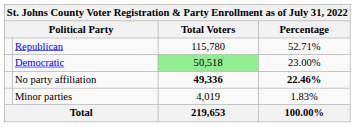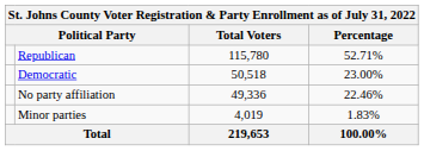 <table class=wikitable>
 <tr>
 <th colspan = 6>St. Johns County Voter Registration & Party Enrollment as of July 31, 2022</th>
 </tr>
 <tr>
 <th colspan = 2>Political Party</th>
 <th>Total Voters</th>
 <th>Percentage</th>
 </tr>
 <tr>
 <td></td>
 <td><a href='#'>Republican</a></td>
 <td align = center>115,780</td>
 <td align = center>52.71%</td>
 </tr>
 <tr>
 <td></td>
 <td><a href='#'>Democratic</a></td>
-<td align = center style="background: lightgreen;">50,518</td>
+<td align = center>50,518</td>
 <td align = center>23.00%</td>
 </tr>
 <tr>
 <td></td>
 <td>No party affiliation</td>
-<td align = center><strong>49,336</strong></td>
-<td align = center><strong>22.46%</strong></td>
+<td align = center>49,336</td>
+<td align = center>22.46%</td>
 </tr>
 <tr>
 <td></td>
 <td>Minor parties</td>
 <td align = center>4,019</td>
 <td align = center>1.83%</td>
 </tr>
 <tr>
 <th colspan = 2>Total</th>
 <th align = center>219,653</th>
 <th align = center>100.00%</th>
 </tr>
 </table>
